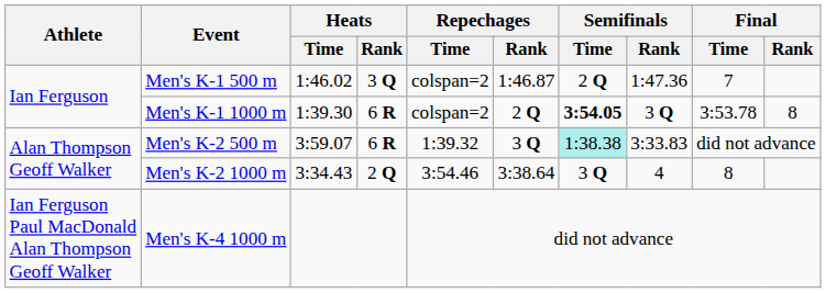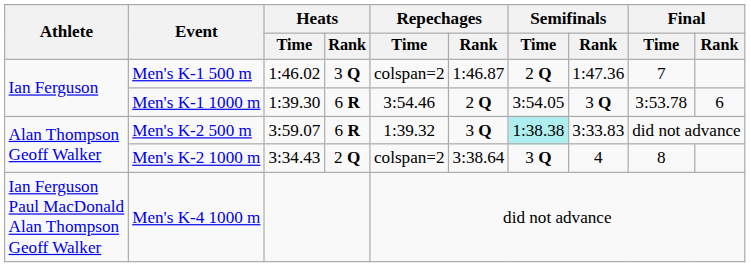 <table class="wikitable" style="font-size:90%;text-align:center;">
 <tr>
 <th rowspan=2>Athlete</th>
 <th rowspan=2>Event</th>
 <th colspan=2>Heats</th>
 <th colspan=2>Repechages</th>
 <th colspan=2>Semifinals</th>
 <th colspan=2>Final</th>
 </tr>
 <tr style="font-size:95%">
 <th>Time</th>
 <th>Rank</th>
 <th>Time</th>
 <th>Rank</th>
 <th>Time</th>
 <th>Rank</th>
 <th>Time</th>
 <th>Rank</th>
 </tr>
 <tr>
 <td align=left rowspan=2><a href='#'>Ian Ferguson</a></td>
 <td align=left><a href='#'>Men's K-1 500 m</a></td>
 <td>1:46.02</td>
 <td>3 <strong>Q</strong></td>
 <td>colspan=2 </td>
 <td>1:46.87</td>
 <td>2 <strong>Q</strong></td>
 <td>1:47.36</td>
 <td>7</td>
 </tr>
 <tr>
 <td align=left><a href='#'>Men's K-1 1000 m</a></td>
 <td>1:39.30</td>
 <td>6 <strong>R</strong></td>
-<td>colspan=2 </td>
+<td>3:54.46</td>
 <td>2 <strong>Q</strong></td>
-<td><strong>3:54.05</strong></td>
+<td>3:54.05</td>
 <td>3 <strong>Q</strong></td>
 <td>3:53.78</td>
-<td>8</td>
+<td>6</td>
 </tr>
 <tr>
 <td align=left rowspan=2><a href='#'>Alan Thompson</a><br><a href='#'>Geoff Walker</a></td>
 <td align=left><a href='#'>Men's K-2 500 m</a></td>
 <td>3:59.07</td>
 <td>6 <strong>R</strong></td>
 <td>1:39.32</td>
 <td>3 <strong>Q</strong></td>
 <td style="background: paleturquoise;">1:38.38</td>
 <td>3:33.83</td>
 <td colspan=2>did not advance</td>
 </tr>
 <tr>
 <td align=left><a href='#'>Men's K-2 1000 m</a></td>
 <td>3:34.43</td>
 <td>2 <strong>Q</strong></td>
-<td>3:54.46</td>
+<td>colspan=2 </td>
 <td>3:38.64</td>
 <td>3 <strong>Q</strong></td>
 <td>4</td>
 <td>8</td>
 </tr>
 <tr>
 <td align=left><a href='#'>Ian Ferguson</a><br><a href='#'>Paul MacDonald</a><br><a href='#'>Alan Thompson</a><br><a href='#'>Geoff Walker</a></td>
 <td align=left><a href='#'>Men's K-4 1000 m</a></td>
 <td colspan=2></td>
 <td colspan=6>did not advance</td>
 </tr>
 </table>
